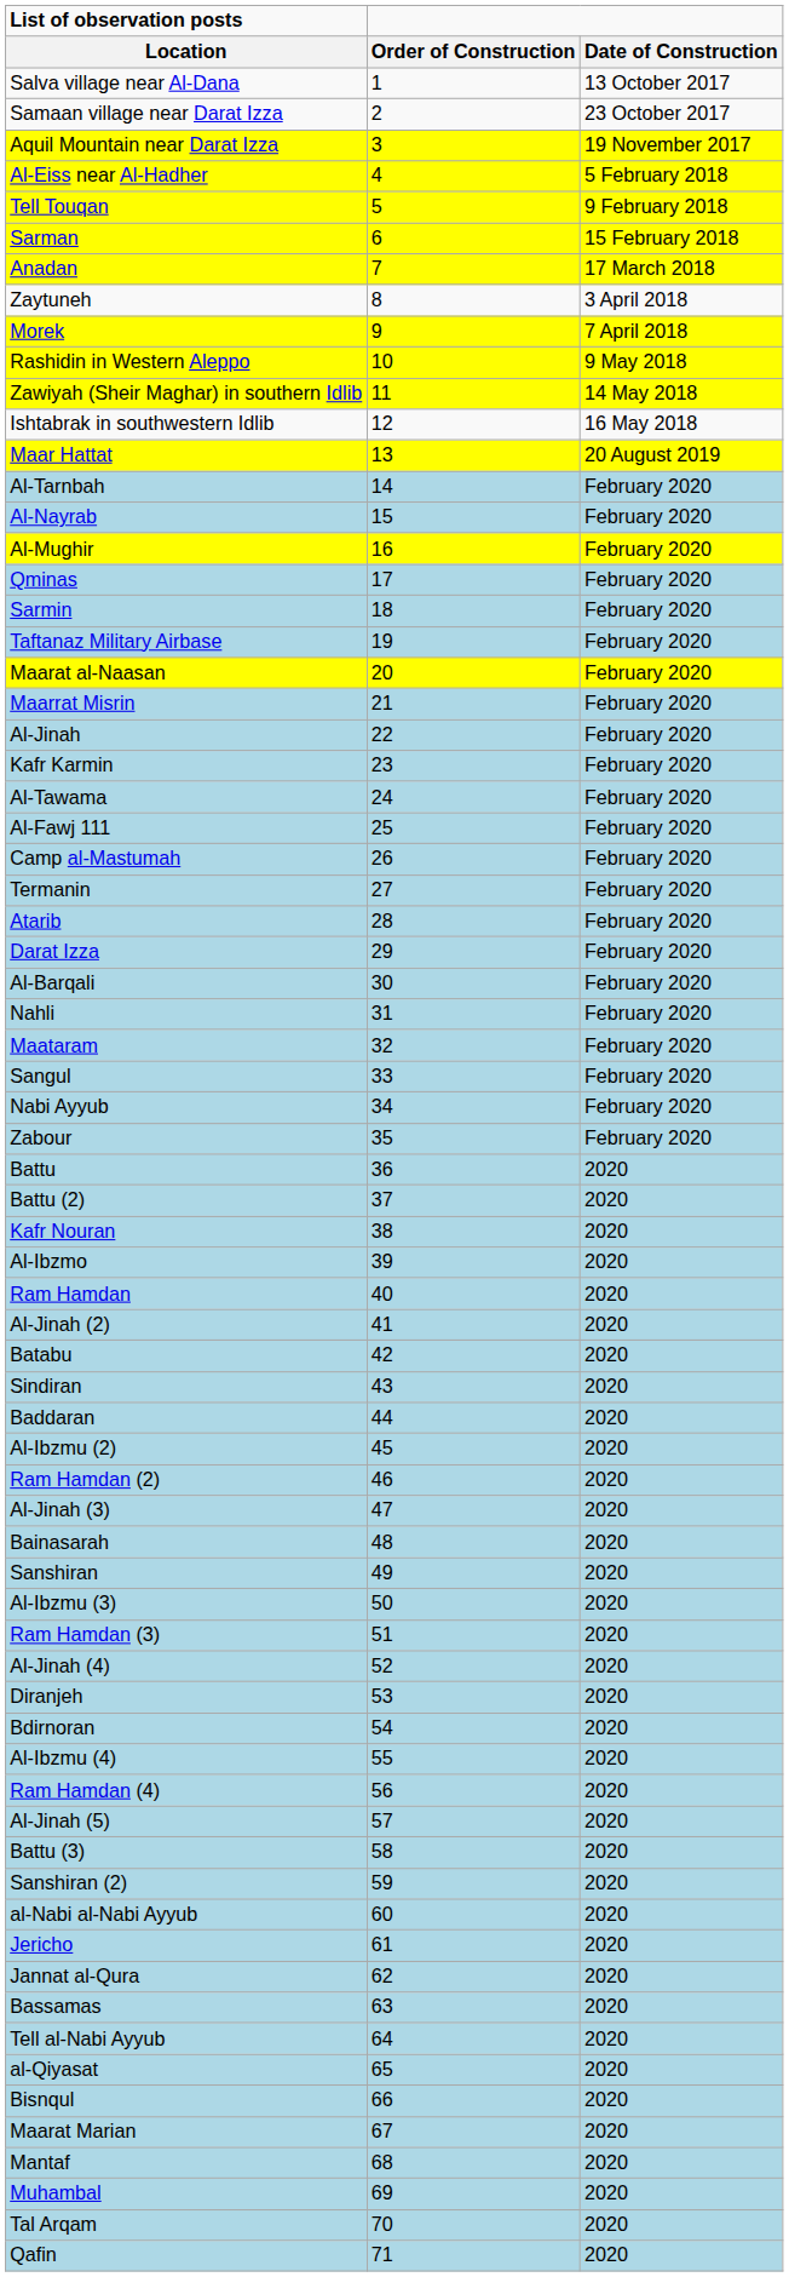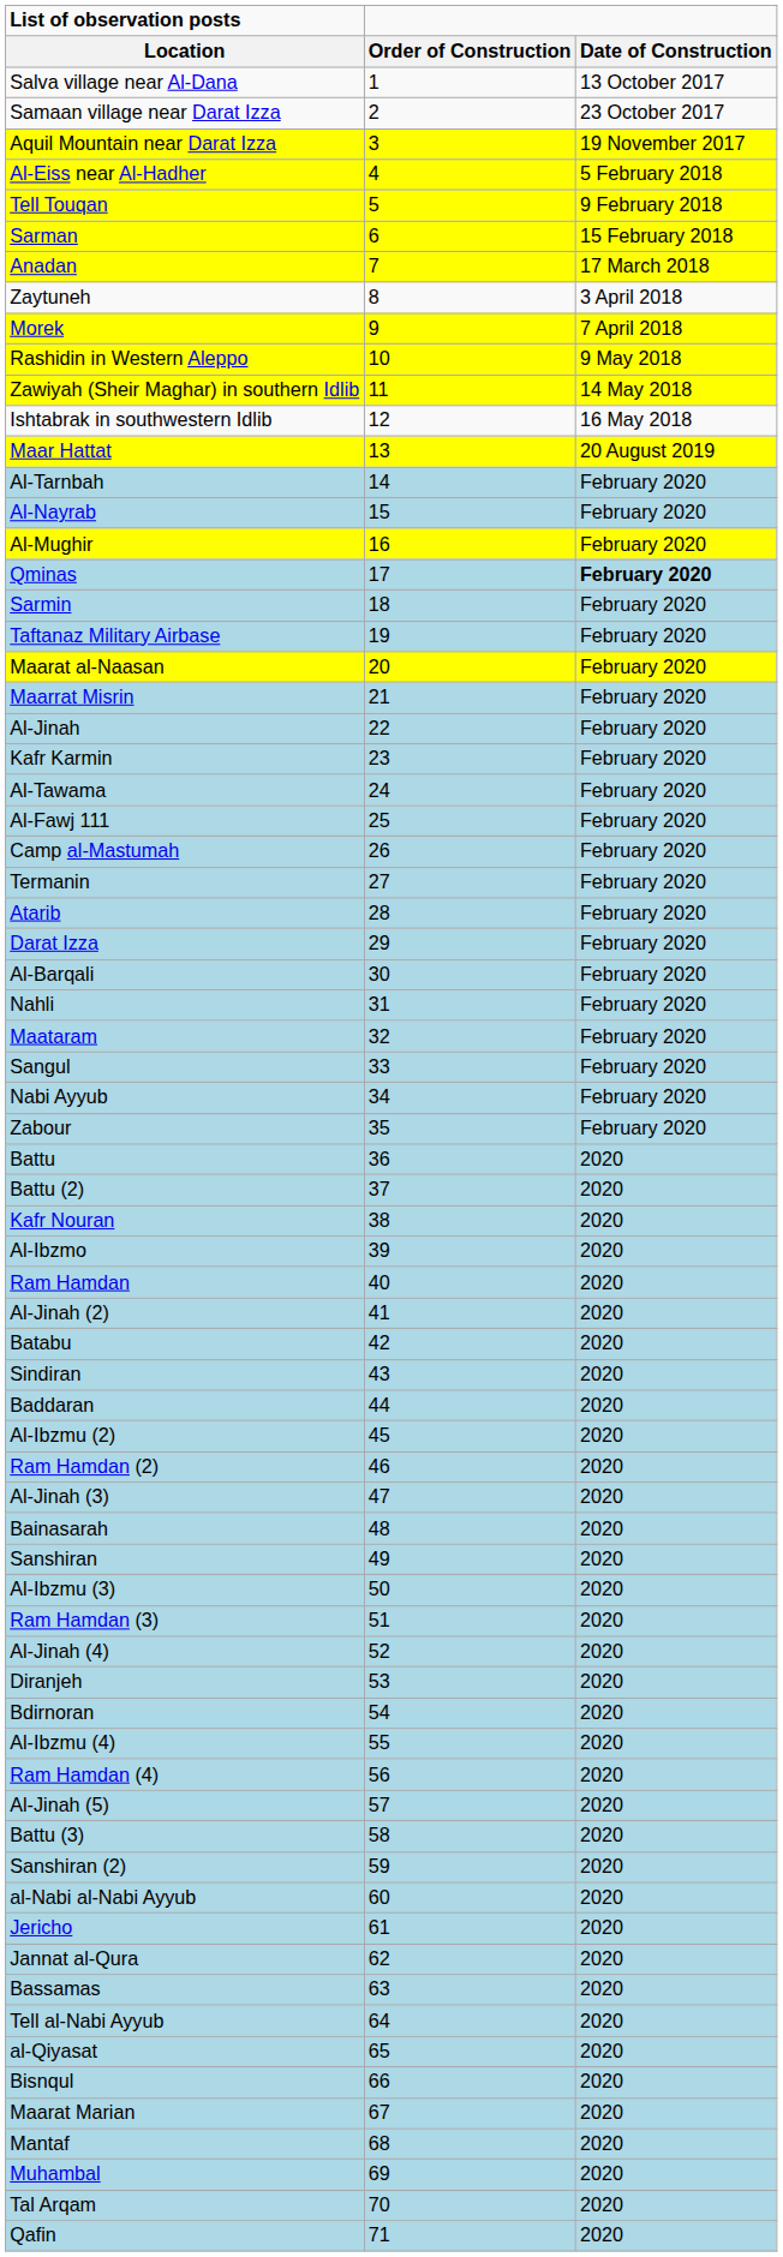 <table role="presentation" class="wikitable mw-collapsible mw-collapsed">
 <tr>
 <td><strong>List of observation posts</strong></td>
 </tr>
 <tr>
 <th>Location</th>
 <th>Order of Construction</th>
 <th>Date of Construction</th>
 </tr>
 <tr>
 <td>Salva village near <a href='#'>Al-Dana</a></td>
 <td>1</td>
 <td>13 October 2017</td>
 </tr>
 <tr>
 <td>Samaan village near <a href='#'>Darat Izza</a></td>
 <td>2</td>
 <td>23 October 2017</td>
 </tr>
 <tr style="background:#FFFF00;">
 <td>Aquil Mountain near <a href='#'>Darat Izza</a></td>
 <td>3</td>
 <td>19 November 2017</td>
 </tr>
 <tr style="background:#FFFF00;">
 <td><a href='#'>Al-Eiss</a> near <a href='#'>Al-Hadher</a></td>
 <td>4</td>
 <td>5 February 2018</td>
 </tr>
 <tr style="background:#FFFF00;">
 <td><a href='#'>Tell Touqan</a></td>
 <td>5</td>
 <td>9 February 2018</td>
 </tr>
 <tr style="background:#FFFF00;">
 <td><a href='#'>Sarman</a></td>
 <td>6</td>
 <td>15 February 2018</td>
 </tr>
 <tr style="background:#FFFF00;">
 <td><a href='#'>Anadan</a></td>
 <td>7</td>
 <td>17 March 2018</td>
 </tr>
 <tr>
 <td>Zaytuneh</td>
 <td>8</td>
 <td>3 April 2018</td>
 </tr>
 <tr style="background:#FFFF00;">
 <td><a href='#'>Morek</a></td>
 <td>9</td>
 <td>7 April 2018</td>
 </tr>
 <tr style="background:#FFFF00;">
 <td>Rashidin in Western <a href='#'>Aleppo</a></td>
 <td>10</td>
 <td>9 May 2018</td>
 </tr>
 <tr style="background:#FFFF00;">
 <td>Zawiyah (Sheir Maghar) in southern <a href='#'>Idlib</a></td>
 <td>11</td>
 <td>14 May 2018</td>
 </tr>
 <tr>
 <td>Ishtabrak in southwestern Idlib</td>
 <td>12</td>
 <td>16 May 2018</td>
 </tr>
 <tr style="background:#FFFF00;">
 <td><a href='#'>Maar Hattat</a></td>
 <td>13</td>
 <td>20 August 2019</td>
 </tr>
 <tr style="background:#add8e6;">
 <td>Al-Tarnbah</td>
 <td>14</td>
 <td>February 2020</td>
 </tr>
 <tr style="background:#add8e6;">
 <td><a href='#'>Al-Nayrab</a></td>
 <td>15</td>
 <td>February 2020</td>
 </tr>
 <tr style="background:#FFFF00;">
 <td>Al-Mughir</td>
 <td>16</td>
 <td>February 2020</td>
 </tr>
 <tr style="background:#add8e6;">
 <td><a href='#'>Qminas</a></td>
 <td>17</td>
-<td>February 2020</td>
+<td><strong>February 2020</strong></td>
 </tr>
 <tr style="background:#add8e6;">
 <td><a href='#'>Sarmin</a></td>
 <td>18</td>
 <td>February 2020</td>
 </tr>
 <tr style="background:#add8e6;">
 <td><a href='#'>Taftanaz Military Airbase</a></td>
 <td>19</td>
 <td>February 2020</td>
 </tr>
 <tr style="background:#FFFF00;">
 <td>Maarat al-Naasan</td>
 <td>20</td>
 <td>February 2020</td>
 </tr>
 <tr style="background:#add8e6;">
 <td><a href='#'>Maarrat Misrin</a></td>
 <td>21</td>
 <td>February 2020</td>
 </tr>
 <tr style="background:#add8e6;">
 <td>Al-Jinah</td>
 <td>22</td>
 <td>February 2020</td>
 </tr>
 <tr style="background:#add8e6;">
 <td>Kafr Karmin</td>
 <td>23</td>
 <td>February 2020</td>
 </tr>
 <tr style="background:#add8e6;">
 <td>Al-Tawama</td>
 <td>24</td>
 <td>February 2020</td>
 </tr>
 <tr style="background:#add8e6;">
 <td>Al-Fawj 111</td>
 <td>25</td>
 <td>February 2020</td>
 </tr>
 <tr style="background:#add8e6;">
 <td>Camp <a href='#'>al-Mastumah</a></td>
 <td>26</td>
 <td>February 2020</td>
 </tr>
 <tr style="background:#add8e6;">
 <td>Termanin</td>
 <td>27</td>
 <td>February 2020</td>
 </tr>
 <tr style="background:#add8e6;">
 <td><a href='#'>Atarib</a></td>
 <td>28</td>
 <td>February 2020</td>
 </tr>
 <tr style="background:#add8e6;">
 <td><a href='#'>Darat Izza</a></td>
 <td>29</td>
 <td>February 2020</td>
 </tr>
 <tr style="background:#add8e6;">
 <td>Al-Barqali</td>
 <td>30</td>
 <td>February 2020</td>
 </tr>
 <tr style="background:#add8e6;">
 <td>Nahli</td>
 <td>31</td>
 <td>February 2020</td>
 </tr>
 <tr style="background:#add8e6;">
 <td><a href='#'>Maataram</a></td>
 <td>32</td>
 <td>February 2020</td>
 </tr>
 <tr style="background:#add8e6;">
 <td>Sangul</td>
 <td>33</td>
 <td>February 2020</td>
 </tr>
 <tr style="background:#add8e6;">
 <td>Nabi Ayyub</td>
 <td>34</td>
 <td>February 2020</td>
 </tr>
 <tr style="background:#add8e6;">
 <td>Zabour</td>
 <td>35</td>
 <td>February 2020</td>
 </tr>
 <tr style="background:#add8e6;">
 <td>Battu</td>
 <td>36</td>
 <td>2020</td>
 </tr>
 <tr style="background:#add8e6;">
 <td>Battu (2)</td>
 <td>37</td>
 <td>2020</td>
 </tr>
 <tr style="background:#add8e6;">
 <td><a href='#'>Kafr Nouran</a></td>
 <td>38</td>
 <td>2020</td>
 </tr>
 <tr style="background:#add8e6;">
 <td>Al-Ibzmo</td>
 <td>39</td>
 <td>2020</td>
 </tr>
 <tr style="background:#add8e6;">
 <td><a href='#'>Ram Hamdan</a></td>
 <td>40</td>
 <td>2020</td>
 </tr>
 <tr style="background:#add8e6;">
 <td>Al-Jinah (2)</td>
 <td>41</td>
 <td>2020</td>
 </tr>
 <tr style="background:#add8e6;">
 <td>Batabu</td>
 <td>42</td>
 <td>2020</td>
 </tr>
 <tr style="background:#add8e6;">
 <td>Sindiran</td>
 <td>43</td>
 <td>2020</td>
 </tr>
 <tr style="background:#add8e6;">
 <td>Baddaran</td>
 <td>44</td>
 <td>2020</td>
 </tr>
 <tr style="background:#add8e6;">
 <td>Al-Ibzmu (2)</td>
 <td>45</td>
 <td>2020</td>
 </tr>
 <tr style="background:#add8e6;">
 <td><a href='#'>Ram Hamdan</a> (2)</td>
 <td>46</td>
 <td>2020</td>
 </tr>
 <tr style="background:#add8e6;">
 <td>Al-Jinah (3)</td>
 <td>47</td>
 <td>2020</td>
 </tr>
 <tr style="background:#add8e6;">
 <td>Bainasarah</td>
 <td>48</td>
 <td>2020</td>
 </tr>
 <tr style="background:#add8e6;">
 <td>Sanshiran</td>
 <td>49</td>
 <td>2020</td>
 </tr>
 <tr style="background:#add8e6;">
 <td>Al-Ibzmu (3)</td>
 <td>50</td>
 <td>2020</td>
 </tr>
 <tr style="background:#add8e6;">
 <td><a href='#'>Ram Hamdan</a> (3)</td>
 <td>51</td>
 <td>2020</td>
 </tr>
 <tr style="background:#add8e6;">
 <td>Al-Jinah (4)</td>
 <td>52</td>
 <td>2020</td>
 </tr>
 <tr style="background:#add8e6;">
 <td>Diranjeh</td>
 <td>53</td>
 <td>2020</td>
 </tr>
 <tr style="background:#add8e6;">
 <td>Bdirnoran</td>
 <td>54</td>
 <td>2020</td>
 </tr>
 <tr style="background:#add8e6;">
 <td>Al-Ibzmu (4)</td>
 <td>55</td>
 <td>2020</td>
 </tr>
 <tr style="background:#add8e6;">
 <td><a href='#'>Ram Hamdan</a> (4)</td>
 <td>56</td>
 <td>2020</td>
 </tr>
 <tr style="background:#add8e6;">
 <td>Al-Jinah (5)</td>
 <td>57</td>
 <td>2020</td>
 </tr>
 <tr style="background:#add8e6;">
 <td>Battu (3)</td>
 <td>58</td>
 <td>2020</td>
 </tr>
 <tr style="background:#add8e6;">
 <td>Sanshiran (2)</td>
 <td>59</td>
 <td>2020</td>
 </tr>
 <tr style="background:#add8e6;">
 <td>al-Nabi al-Nabi Ayyub</td>
 <td>60</td>
 <td>2020</td>
 </tr>
 <tr style="background:#add8e6;">
 <td><a href='#'>Jericho</a></td>
 <td>61</td>
 <td>2020</td>
 </tr>
 <tr style="background:#add8e6;">
 <td>Jannat al-Qura</td>
 <td>62</td>
 <td>2020</td>
 </tr>
 <tr style="background:#add8e6;">
 <td>Bassamas</td>
 <td>63</td>
 <td>2020</td>
 </tr>
 <tr style="background:#add8e6;">
 <td>Tell al-Nabi Ayyub</td>
 <td>64</td>
 <td>2020</td>
 </tr>
 <tr style="background:#add8e6;">
 <td>al-Qiyasat</td>
 <td>65</td>
 <td>2020</td>
 </tr>
 <tr style="background:#add8e6;">
 <td>Bisnqul</td>
 <td>66</td>
 <td>2020</td>
 </tr>
 <tr style="background:#add8e6;">
 <td>Maarat Marian</td>
 <td>67</td>
 <td>2020</td>
 </tr>
 <tr style="background:#add8e6;">
 <td>Mantaf</td>
 <td>68</td>
 <td>2020</td>
 </tr>
 <tr style="background:#add8e6;">
 <td><a href='#'>Muhambal</a></td>
 <td>69</td>
 <td>2020</td>
 </tr>
 <tr style="background:#add8e6;">
 <td>Tal Arqam</td>
 <td>70</td>
 <td>2020</td>
 </tr>
 <tr style="background:#add8e6;">
 <td>Qafin</td>
 <td>71</td>
 <td>2020</td>
 </tr>
 </table>
